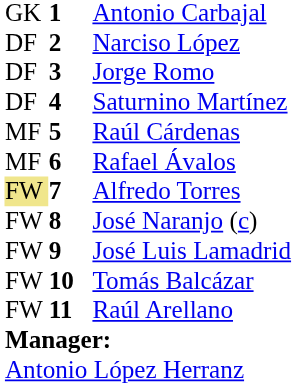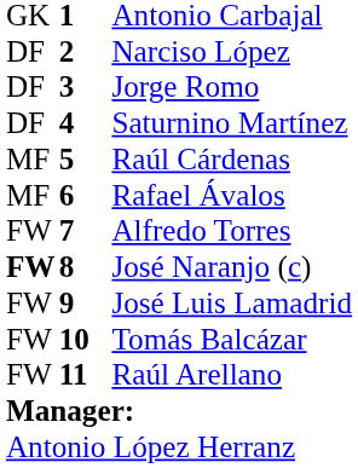 <table cellspacing="0" cellpadding="0" style="font-size:90%; margin:auto;">
 <tr>
 <th width="25"></th>
 <th width="25"></th>
 </tr>
 <tr>
 <td>GK</td>
 <td><strong>1</strong></td>
 <td><a href='#'>Antonio Carbajal</a></td>
 </tr>
 <tr>
 <td>DF</td>
 <td><strong>2</strong></td>
 <td><a href='#'>Narciso López</a></td>
 </tr>
 <tr>
 <td>DF</td>
 <td><strong>3</strong></td>
 <td><a href='#'>Jorge Romo</a></td>
 </tr>
 <tr>
 <td>DF</td>
 <td><strong>4</strong></td>
 <td><a href='#'>Saturnino Martínez</a></td>
 </tr>
 <tr>
 <td>MF</td>
 <td><strong>5</strong></td>
 <td><a href='#'>Raúl Cárdenas</a></td>
 </tr>
 <tr>
 <td>MF</td>
 <td><strong>6</strong></td>
 <td><a href='#'>Rafael Ávalos</a></td>
 </tr>
 <tr>
-<td style="background: khaki;">FW</td>
+<td>FW</td>
 <td><strong>7</strong></td>
 <td><a href='#'>Alfredo Torres</a></td>
 </tr>
 <tr>
-<td>FW</td>
+<td><strong>FW</strong></td>
 <td><strong>8</strong></td>
 <td><a href='#'>José Naranjo</a> (<a href='#'>c</a>)</td>
 </tr>
 <tr>
 <td>FW</td>
 <td><strong>9</strong></td>
 <td><a href='#'>José Luis Lamadrid</a></td>
 </tr>
 <tr>
 <td>FW</td>
 <td><strong>10</strong></td>
 <td><a href='#'>Tomás Balcázar</a></td>
 </tr>
 <tr>
 <td>FW</td>
 <td><strong>11</strong></td>
 <td><a href='#'>Raúl Arellano</a></td>
 </tr>
 <tr>
 <td colspan=3><strong>Manager:</strong></td>
 </tr>
 <tr>
 <td colspan=4> <a href='#'>Antonio López Herranz</a></td>
 </tr>
 </table>
